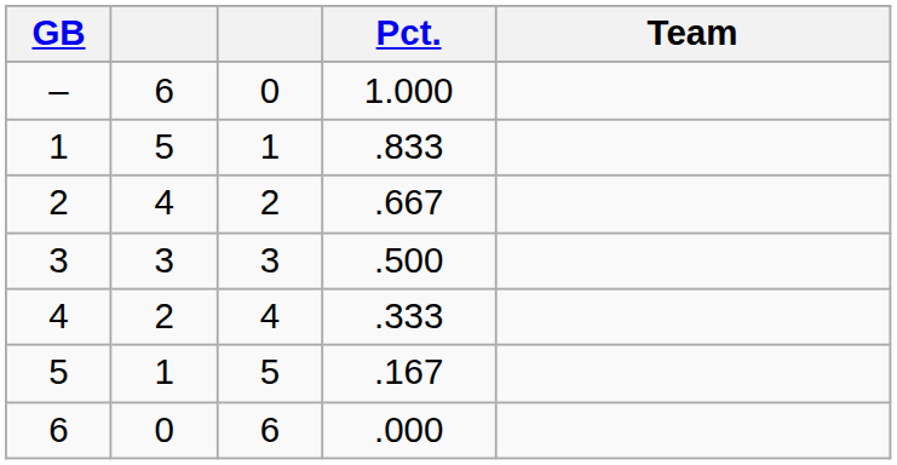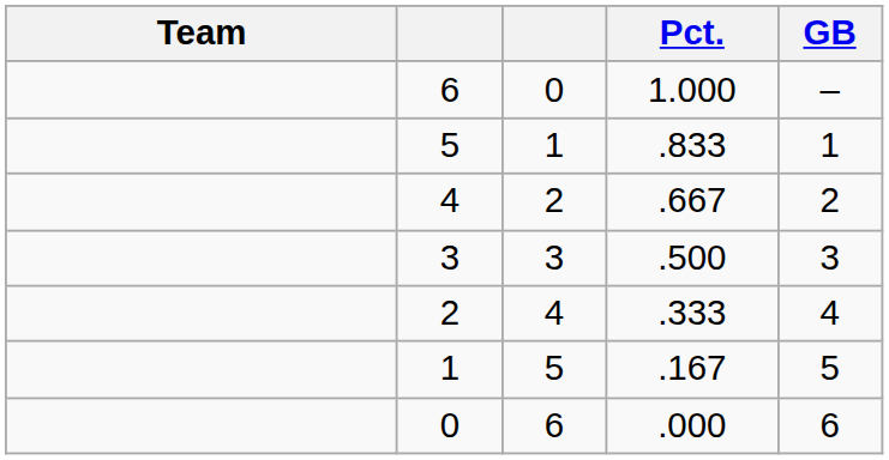 <table class="wikitable" style="text-align:center;">
 <tr>
-<th width=40px><a href='#'>GB</a></th>
+<th width=170px>Team</th>
 <th width=40px></th>
 <th width=40px></th>
 <th width=70px><a href='#'>Pct.</a></th>
-<th width=170px>Team</th>
+<th width=40px><a href='#'>GB</a></th>
 </tr>
 <tr>
-<td>–</td>
+<td align=left></td>
 <td>6</td>
 <td>0</td>
 <td>1.000</td>
-<td align=left></td>
+<td>–</td>
 </tr>
 <tr>
-<td>1</td>
+<td align=left></td>
 <td>5</td>
 <td>1</td>
 <td>.833</td>
-<td align=left></td>
+<td>1</td>
 </tr>
 <tr>
-<td>2</td>
+<td align=left></td>
 <td>4</td>
 <td>2</td>
 <td>.667</td>
-<td align=left></td>
+<td>2</td>
 </tr>
 <tr>
-<td>3</td>
+<td align=left></td>
 <td>3</td>
 <td>3</td>
 <td>.500</td>
-<td align=left></td>
+<td>3</td>
 </tr>
 <tr>
-<td>4</td>
+<td align=left></td>
 <td>2</td>
 <td>4</td>
 <td>.333</td>
-<td align=left></td>
+<td>4</td>
 </tr>
 <tr>
-<td>5</td>
+<td align=left></td>
 <td>1</td>
 <td>5</td>
 <td>.167</td>
-<td align=left></td>
+<td>5</td>
 </tr>
 <tr>
-<td>6</td>
+<td align=left></td>
 <td>0</td>
 <td>6</td>
 <td>.000</td>
-<td align=left></td>
+<td>6</td>
 </tr>
 </table>
